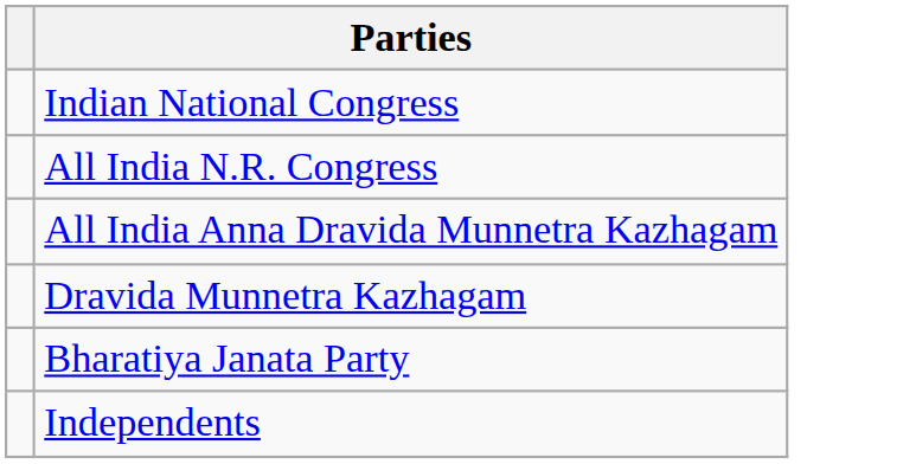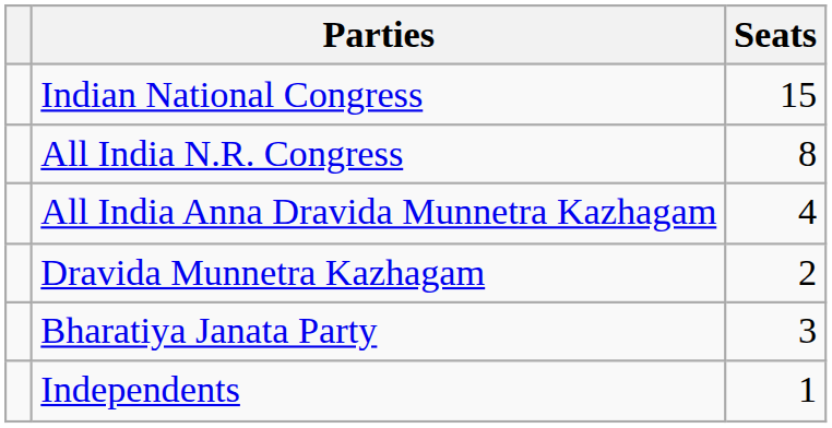 <table class="wikitable Sortable" border="2">
 <tr valign="top">
 <th></th>
 <th>Parties</th>
+<th>Seats</th>
 </tr>
 <tr>
 <td style="background-color:"> </td>
 <td style="text-align:left;"><a href='#'>Indian National Congress</a></td>
+<td align="right">15</td>
 </tr>
 <tr>
 <td style="background-color:"> </td>
 <td style="text-align:left;"><a href='#'>All India N.R. Congress</a></td>
+<td align="right">8</td>
 </tr>
 <tr>
 <td style="background-color:"> </td>
 <td style="text-align:left;"><a href='#'>All India Anna Dravida Munnetra Kazhagam</a></td>
+<td align="right">4</td>
 </tr>
 <tr>
 <td style="background-color:"> </td>
 <td style="text-align:left;"><a href='#'>Dravida Munnetra Kazhagam</a></td>
+<td align="right">2</td>
 </tr>
 <tr>
 <td style="background-color:"> </td>
 <td style="text-align:left;"><a href='#'>Bharatiya Janata Party</a></td>
+<td align="right">3</td>
 </tr>
 <tr>
 <td style="background-color:"> </td>
 <td style="text-align:left;"><a href='#'>Independents</a></td>
+<td align="right">1</td>
 </tr>
 </table>
